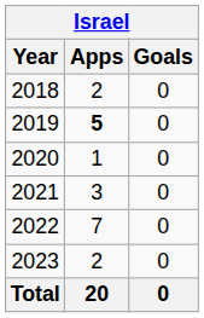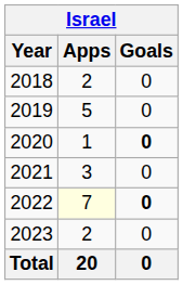 <table class="wikitable" style="text-align:center">
 <tr>
 <th colspan=3><a href='#'>Israel</a></th>
 </tr>
 <tr>
 <th>Year</th>
 <th>Apps</th>
 <th>Goals</th>
 </tr>
 <tr>
 <td>2018</td>
 <td>2</td>
 <td>0</td>
 </tr>
 <tr>
 <td>2019</td>
-<td><strong>5</strong></td>
+<td>5</td>
 <td>0</td>
 </tr>
 <tr>
 <td>2020</td>
 <td>1</td>
-<td>0</td>
+<td><strong>0</strong></td>
 </tr>
 <tr>
 <td>2021</td>
 <td>3</td>
 <td>0</td>
 </tr>
 <tr>
 <td>2022</td>
-<td>7</td>
-<td>0</td>
+<td style="background: lightyellow;">7</td>
+<td><strong>0</strong></td>
 </tr>
 <tr>
 <td>2023</td>
 <td>2</td>
 <td>0</td>
 </tr>
 <tr>
 <th>Total</th>
 <th>20</th>
 <th>0</th>
 </tr>
 </table>
